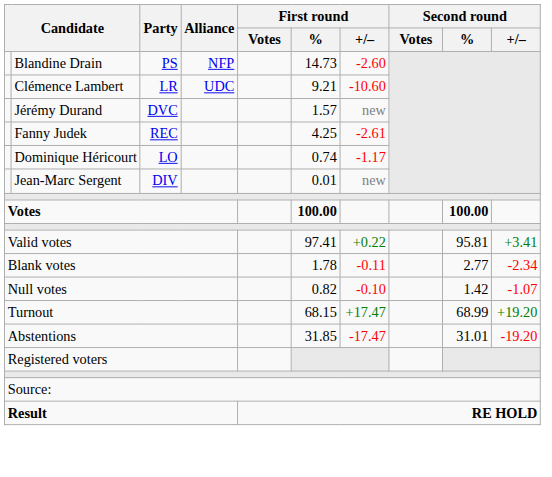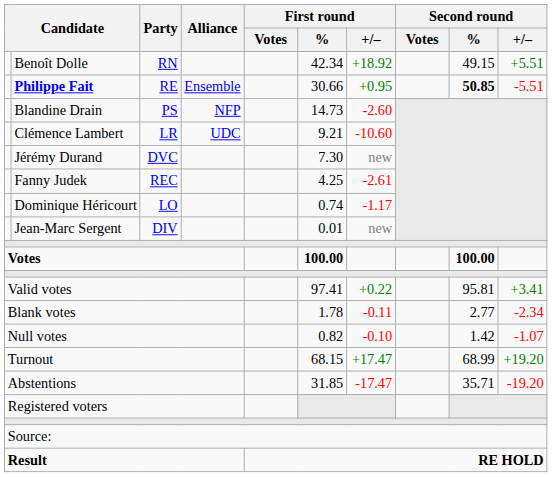 <table class="wikitable" style="text-align:right;font-size:95%;">
 <tr>
 <th rowspan="2" colspan="2">Candidate</th>
 <th colspan="1" rowspan="2">Party</th>
 <th colspan="1" rowspan="2">Alliance</th>
 <th colspan="3">First round</th>
 <th colspan="3">Second round</th>
 </tr>
 <tr>
 <th style="width:50px;">Votes</th>
 <th style="width:45px;">%</th>
 <th style="width:45px;">+/–</th>
 <th style="width:50px;">Votes</th>
 <th style="width:45px;">%</th>
 <th style="width:45px;">+/–</th>
+</tr>
+<tr>
+<td style="background:"></td>
+<td style="text-align:left;">Benoît Dolle</td>
+<td><a href='#'>RN</a></td>
+<td></td>
+<td></td>
+<td>42.34</td>
+<td style="color:green;">+18.92</td>
+<td></td>
+<td>49.15</td>
+<td style="color:green;">+5.51</td>
+</tr>
+<tr>
+<td style="background:"></td>
+<td style="text-align:left;"><strong><a href='#'>Philippe Fait</a></strong></td>
+<td><a href='#'>RE</a></td>
+<td><a href='#'>Ensemble</a></td>
+<td></td>
+<td>30.66</td>
+<td style="color:green;">+0.95</td>
+<td><strong></strong></td>
+<td><strong>50.85</strong></td>
+<td style="color:red;">-5.51</td>
 </tr>
 <tr>
 <td style="background:"></td>
 <td style="text-align:left;">Blandine Drain</td>
 <td><a href='#'>PS</a></td>
 <td><a href='#'>NFP</a></td>
 <td></td>
 <td>14.73</td>
 <td style="color:red;">-2.60</td>
 <td colspan="3" rowspan="6" style="background:#E9E9E9;"></td>
 </tr>
 <tr>
 <td style="background:"></td>
 <td style="text-align:left;">Clémence Lambert</td>
 <td><a href='#'>LR</a></td>
 <td><a href='#'>UDC</a></td>
 <td></td>
 <td>9.21</td>
 <td style="color:red;">-10.60</td>
 </tr>
 <tr>
 <td style="background:"></td>
 <td style="text-align:left;">Jérémy Durand</td>
 <td><a href='#'>DVC</a></td>
 <td></td>
 <td></td>
-<td>1.57</td>
+<td>7.30</td>
 <td style="color:grey;">new</td>
 </tr>
 <tr>
 <td style="background:"></td>
 <td style="text-align:left;">Fanny Judek</td>
 <td><a href='#'>REC</a></td>
 <td></td>
 <td></td>
 <td>4.25</td>
 <td style="color:red;">-2.61</td>
 </tr>
 <tr>
 <td style="background:"></td>
 <td style="text-align:left;">Dominique Héricourt</td>
 <td><a href='#'>LO</a></td>
 <td></td>
 <td></td>
 <td>0.74</td>
 <td style="color:red;">-1.17</td>
 </tr>
 <tr>
 <td style="background:"></td>
 <td style="text-align:left;">Jean-Marc Sergent</td>
 <td><a href='#'>DIV</a></td>
 <td></td>
 <td></td>
 <td>0.01</td>
 <td style="color:grey;">new</td>
 </tr>
 <tr>
 <td colspan="10" style="background:#E9E9E9;"></td>
 </tr>
 <tr style="font-weight:bold;">
 <td colspan="4" style="text-align:left;">Votes</td>
 <td></td>
 <td>100.00</td>
 <td></td>
 <td></td>
 <td>100.00</td>
 <td></td>
 </tr>
 <tr>
 <td colspan="10" style="background:#E9E9E9;"></td>
 </tr>
 <tr>
 <td colspan="4" style="text-align:left;">Valid votes</td>
 <td></td>
 <td>97.41</td>
 <td style="color:green;">+0.22</td>
 <td></td>
 <td>95.81</td>
 <td style="color:green;">+3.41</td>
 </tr>
 <tr>
 <td colspan="4" style="text-align:left;">Blank votes</td>
 <td></td>
 <td>1.78</td>
 <td style="color:red;">-0.11</td>
 <td></td>
 <td>2.77</td>
 <td style="color:red;">-2.34</td>
 </tr>
 <tr>
 <td colspan="4" style="text-align:left;">Null votes</td>
 <td></td>
 <td>0.82</td>
 <td style="color:red;">-0.10</td>
 <td></td>
 <td>1.42</td>
 <td style="color:red;">-1.07</td>
 </tr>
 <tr>
 <td colspan="4" style="text-align:left;">Turnout</td>
 <td></td>
 <td>68.15</td>
 <td style="color:green;">+17.47</td>
 <td></td>
 <td>68.99</td>
 <td style="color:green;">+19.20</td>
 </tr>
 <tr>
 <td colspan="4" style="text-align:left;">Abstentions</td>
 <td></td>
 <td>31.85</td>
 <td style="color:red;">-17.47</td>
 <td></td>
-<td>31.01</td>
+<td>35.71</td>
 <td style="color:red;">-19.20</td>
 </tr>
 <tr>
 <td colspan="4" style="text-align:left;">Registered voters</td>
 <td></td>
 <td colspan="2" style="background:#E9E9E9;"></td>
 <td></td>
 <td colspan="2" style="background:#E9E9E9;"></td>
 </tr>
 <tr>
 <td colspan="10" style="background:#E9E9E9;"></td>
 </tr>
 <tr>
 <td colspan="10" style="text-align:left;">Source: </td>
 </tr>
 <tr style="font-weight:bold">
 <td colspan="4" style="text-align:left;">Result</td>
 <td colspan="6" style="background-color:">RE HOLD</td>
 </tr>
 </table>
